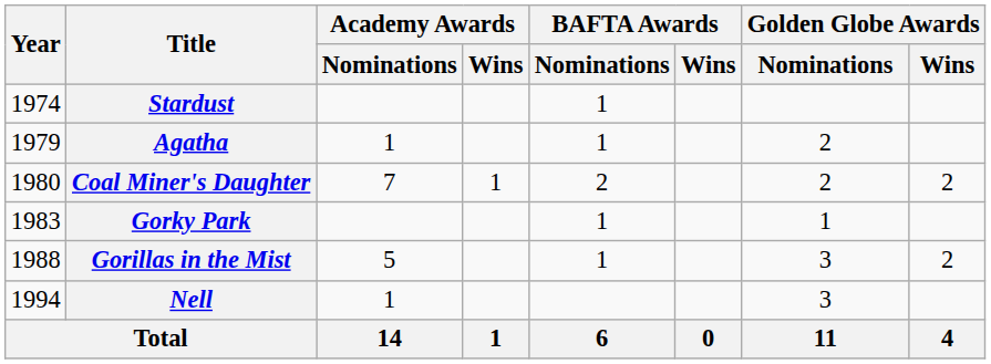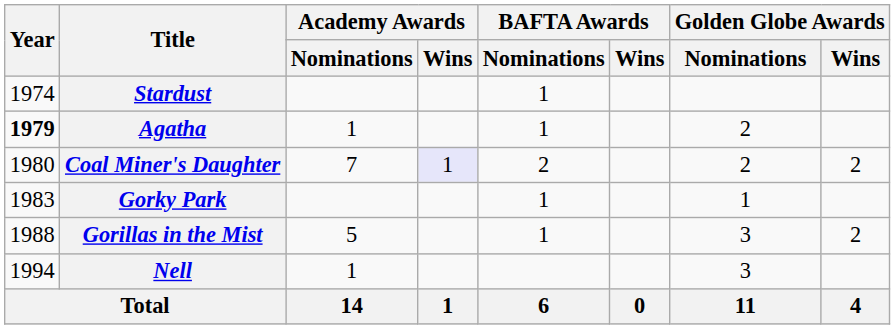 <table class="wikitable plainrowheaders">
 <tr>
 <th scope="col" rowspan="2">Year</th>
 <th scope="col" rowspan="2">Title</th>
 <th scope="colgroup" colspan="2" style="text-align:center;">Academy Awards</th>
 <th scope="colgroup" colspan="2" style="text-align:center;">BAFTA Awards</th>
 <th scope="colgroup" colspan="2" style="text-align:center;">Golden Globe Awards</th>
 </tr>
 <tr>
 <th scope="col">Nominations</th>
 <th scope="col">Wins</th>
 <th scope="col">Nominations</th>
 <th scope="col">Wins</th>
 <th scope="col">Nominations</th>
 <th scope="col">Wins</th>
 </tr>
 <tr>
 <td>1974</td>
 <th scope="row"><em><a href='#'>Stardust</a></em></th>
 <td></td>
 <td></td>
 <td align=center>1</td>
 <td></td>
 <td></td>
 <td></td>
 </tr>
 <tr>
-<td>1979</td>
+<td><strong>1979</strong></td>
 <th scope="row"><em><a href='#'>Agatha</a></em></th>
 <td align=center>1</td>
 <td></td>
 <td align=center>1</td>
 <td></td>
 <td align=center>2</td>
 <td></td>
 </tr>
 <tr>
 <td>1980</td>
 <th scope="row"><em><a href='#'>Coal Miner's Daughter</a></em></th>
 <td align=center>7</td>
-<td align=center>1</td>
+<td align=center style="background: lavender;">1</td>
 <td align=center>2</td>
 <td></td>
 <td align=center>2</td>
 <td align=center>2</td>
 </tr>
 <tr>
 <td>1983</td>
 <th scope="row"><em><a href='#'>Gorky Park</a></em></th>
 <td></td>
 <td></td>
 <td align=center>1</td>
 <td></td>
 <td align=center>1</td>
 <td></td>
 </tr>
 <tr>
 <td>1988</td>
 <th scope="row"><em><a href='#'>Gorillas in the Mist</a></em></th>
 <td align=center>5</td>
 <td></td>
 <td align=center>1</td>
 <td></td>
 <td align=center>3</td>
 <td align=center>2</td>
 </tr>
 <tr>
 <td>1994</td>
 <th scope="row"><em><a href='#'>Nell</a></em></th>
 <td align=center>1</td>
 <td></td>
 <td></td>
 <td></td>
 <td align=center>3</td>
 <td></td>
 </tr>
 <tr>
 <th scope="row" colspan="2">Total</th>
 <th align=center>14</th>
 <th align=center>1</th>
 <th align=center>6</th>
 <th align=center>0</th>
 <th align=center>11</th>
 <th align=center>4</th>
 </tr>
 </table>
